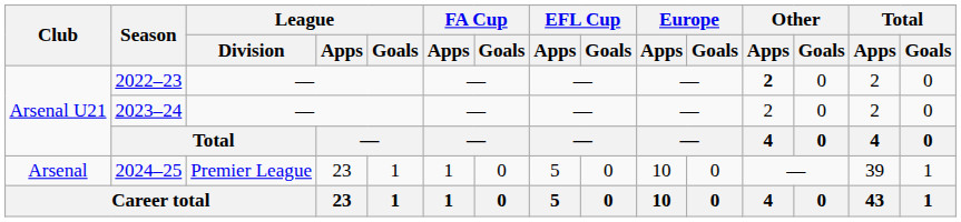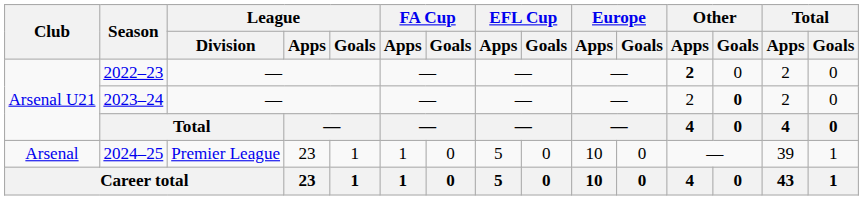 <table class=wikitable style=text-align:center>
 <tr>
 <th rowspan="2">Club</th>
 <th rowspan="2">Season</th>
 <th colspan="3">League</th>
 <th colspan="2"><a href='#'>FA Cup</a></th>
 <th colspan="2"><a href='#'>EFL Cup</a></th>
 <th colspan="2"><a href='#'>Europe</a></th>
 <th colspan="2">Other</th>
 <th colspan="2">Total</th>
 </tr>
 <tr>
 <th>Division</th>
 <th>Apps</th>
 <th>Goals</th>
 <th>Apps</th>
 <th>Goals</th>
 <th>Apps</th>
 <th>Goals</th>
 <th>Apps</th>
 <th>Goals</th>
 <th>Apps</th>
 <th>Goals</th>
 <th>Apps</th>
 <th>Goals</th>
 </tr>
 <tr>
 <td rowspan="3"><a href='#'>Arsenal U21</a></td>
 <td><a href='#'>2022–23</a></td>
 <td colspan="3">—</td>
 <td colspan="2">—</td>
 <td colspan="2">—</td>
 <td colspan="2">—</td>
 <td><strong>2</strong></td>
 <td>0</td>
 <td>2</td>
 <td>0</td>
 </tr>
 <tr>
 <td><a href='#'>2023–24</a></td>
 <td colspan="3">—</td>
 <td colspan="2">—</td>
 <td colspan="2">—</td>
 <td colspan="2">—</td>
 <td>2</td>
-<td>0</td>
+<td><strong>0</strong></td>
 <td>2</td>
 <td>0</td>
 </tr>
 <tr>
 <th colspan="2">Total</th>
 <th colspan="2">—</th>
 <th colspan="2">—</th>
 <th colspan="2">—</th>
 <th colspan="2">—</th>
 <th>4</th>
 <th>0</th>
 <th>4</th>
 <th>0</th>
 </tr>
 <tr>
 <td><a href='#'>Arsenal</a></td>
 <td><a href='#'>2024–25</a></td>
 <td><a href='#'>Premier League</a></td>
 <td>23</td>
 <td>1</td>
 <td>1</td>
 <td>0</td>
 <td>5</td>
 <td>0</td>
 <td>10</td>
 <td>0</td>
 <td colspan="2">—</td>
 <td>39</td>
 <td>1</td>
 </tr>
 <tr>
 <th colspan="3">Career total</th>
 <th>23</th>
 <th>1</th>
 <th>1</th>
 <th>0</th>
 <th>5</th>
 <th>0</th>
 <th>10</th>
 <th>0</th>
 <th>4</th>
 <th>0</th>
 <th>43</th>
 <th>1</th>
 </tr>
 </table>
